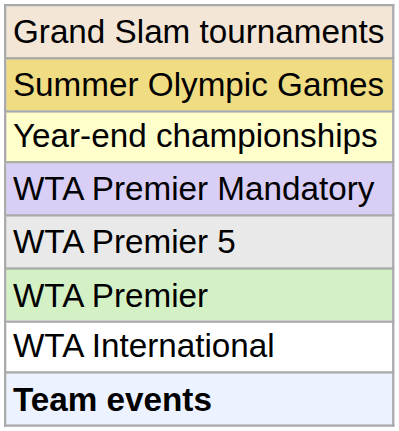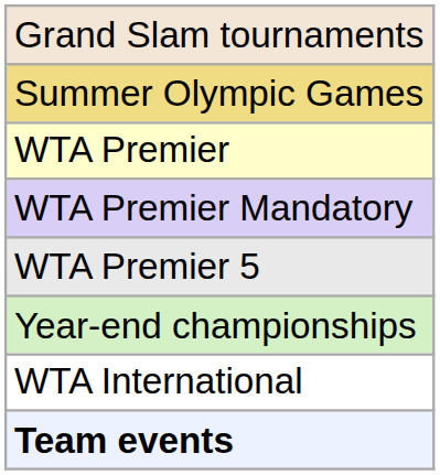 <table class=wikitable style=font-size:90%>
 <tr style="background:#F3E6D7;">
 <td>Grand Slam tournaments</td>
 </tr>
 <tr style="background:#f0dc82;">
 <td>Summer Olympic Games</td>
 </tr>
 <tr style="background:#ffc;">
-<td>Year-end championships</td>
+<td>WTA Premier</td>
 </tr>
 <tr style="background:#d8cef6;">
 <td>WTA Premier Mandatory</td>
 </tr>
 <tr style="background:#E9E9E9;">
 <td>WTA Premier 5</td>
 </tr>
 <tr style="background:#D4F1C5;">
-<td>WTA Premier</td>
+<td>Year-end championships</td>
 </tr>
 <tr style="background:#fff;">
 <td>WTA International</td>
 </tr>
 <tr style="background:#ECF2FF;">
 <td><strong>Team events</strong></td>
 </tr>
 </table>
